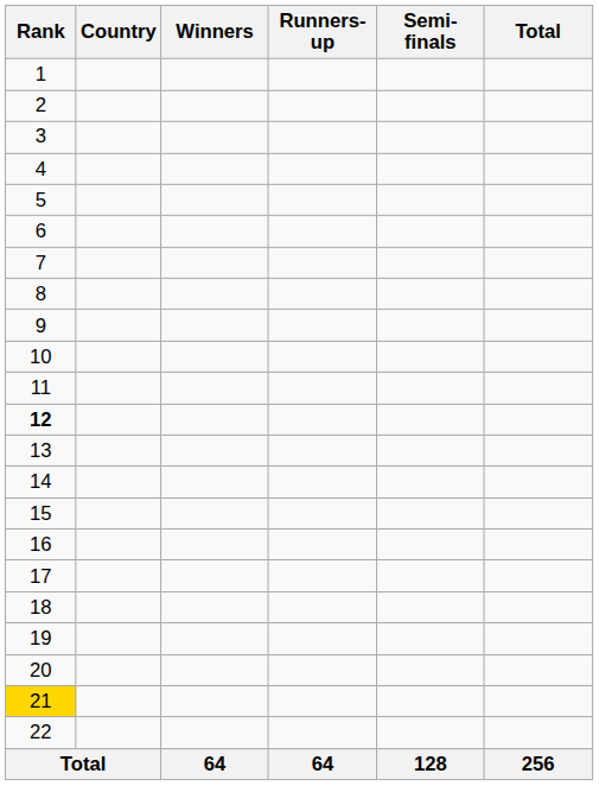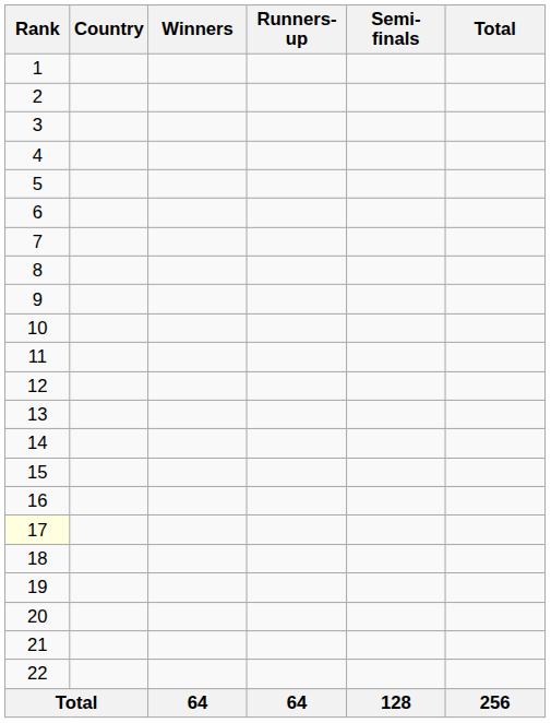 <table class="wikitable sortable" style="text-align:left">
 <tr>
 <th width=50>Rank</th>
 <th>Country</th>
 <th width=80>Winners</th>
 <th width=80>Runners-up</th>
 <th width=80>Semi-finals</th>
 <th width=80>Total</th>
 </tr>
 <tr>
 <td align=center>1</td>
 <td align=left></td>
 <td></td>
 <td></td>
 <td></td>
 <td></td>
 </tr>
 <tr>
 <td align=center>2</td>
 <td align=left></td>
 <td></td>
 <td></td>
 <td></td>
 <td></td>
 </tr>
 <tr>
 <td align=center>3</td>
 <td align=left><em></em> </td>
 <td></td>
 <td></td>
 <td></td>
 <td></td>
 </tr>
 <tr>
 <td align=center>4</td>
 <td align=left><em></em> </td>
 <td></td>
 <td></td>
 <td></td>
 <td></td>
 </tr>
 <tr>
 <td align=center>5</td>
 <td align=left><em></em></td>
 <td></td>
 <td></td>
 <td></td>
 <td></td>
 </tr>
 <tr>
 <td align=center>6</td>
 <td align=left></td>
 <td></td>
 <td></td>
 <td></td>
 <td></td>
 </tr>
 <tr>
 <td align=center>7</td>
 <td align=left><em></em> </td>
 <td></td>
 <td></td>
 <td></td>
 <td></td>
 </tr>
 <tr>
 <td align=center>8</td>
 <td align=left></td>
 <td></td>
 <td></td>
 <td></td>
 <td></td>
 </tr>
 <tr>
 <td align=center>9</td>
 <td align=left></td>
 <td></td>
 <td></td>
 <td></td>
 <td></td>
 </tr>
 <tr>
 <td align=center>10</td>
 <td align=left></td>
 <td></td>
 <td></td>
 <td></td>
 <td></td>
 </tr>
 <tr>
 <td align=center>11</td>
 <td align=left></td>
 <td></td>
 <td></td>
 <td></td>
 <td></td>
 </tr>
 <tr>
-<td align=center><strong>12</strong></td>
+<td align=center>12</td>
 <td align=left></td>
 <td></td>
 <td></td>
 <td></td>
 <td></td>
 </tr>
 <tr>
 <td align=center>13</td>
 <td align=left></td>
 <td></td>
 <td></td>
 <td></td>
 <td></td>
 </tr>
 <tr>
 <td align=center>14</td>
 <td align=left></td>
 <td></td>
 <td></td>
 <td></td>
 <td></td>
 </tr>
 <tr>
 <td align=center>15</td>
 <td align=left></td>
 <td></td>
 <td></td>
 <td></td>
 <td></td>
 </tr>
 <tr>
 <td align=center>16</td>
 <td align=left></td>
 <td></td>
 <td></td>
 <td></td>
 <td></td>
 </tr>
 <tr>
-<td align=center>17</td>
+<td align=center style="background: lightyellow;">17</td>
 <td align=left></td>
 <td></td>
 <td></td>
 <td></td>
 <td></td>
 </tr>
 <tr>
 <td align=center>18</td>
 <td align=left></td>
 <td></td>
 <td></td>
 <td></td>
 <td></td>
 </tr>
 <tr>
 <td align=center>19</td>
 <td align=left></td>
 <td></td>
 <td></td>
 <td></td>
 <td></td>
 </tr>
 <tr>
 <td align=center>20</td>
 <td align=left></td>
 <td></td>
 <td></td>
 <td></td>
 <td></td>
 </tr>
 <tr>
-<td align=center style="background: gold;">21</td>
+<td align=center>21</td>
 <td align=left></td>
 <td></td>
 <td></td>
 <td></td>
 <td></td>
 </tr>
 <tr>
 <td align=center>22</td>
 <td align=left></td>
 <td></td>
 <td></td>
 <td></td>
 <td></td>
 </tr>
 <tr>
 <th colspan=2>Total</th>
 <th>64</th>
 <th>64</th>
 <th>128</th>
 <th>256</th>
 </tr>
 </table>
